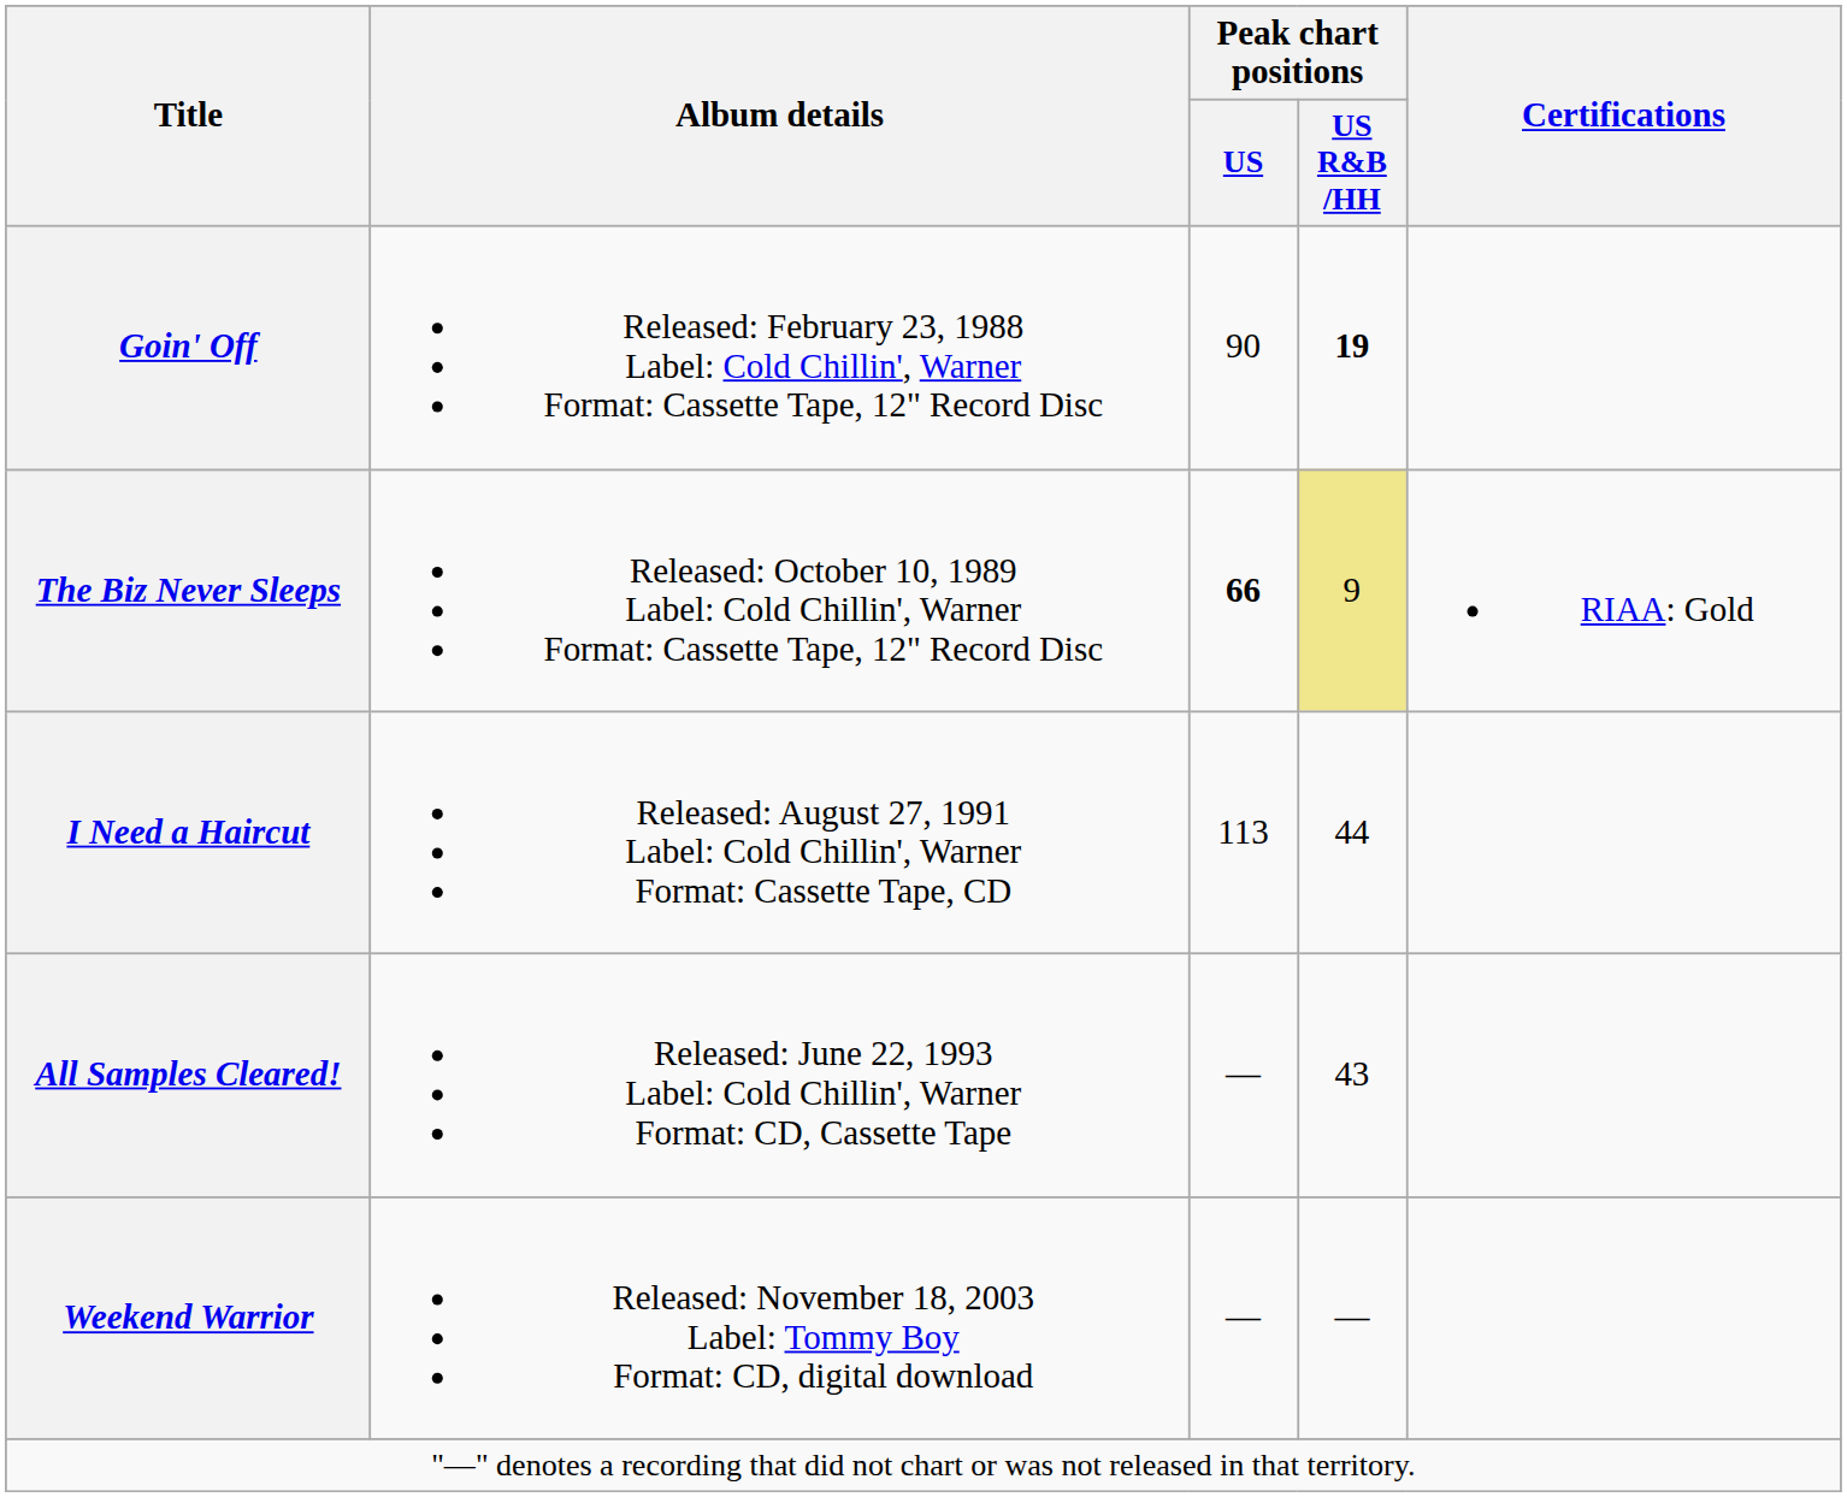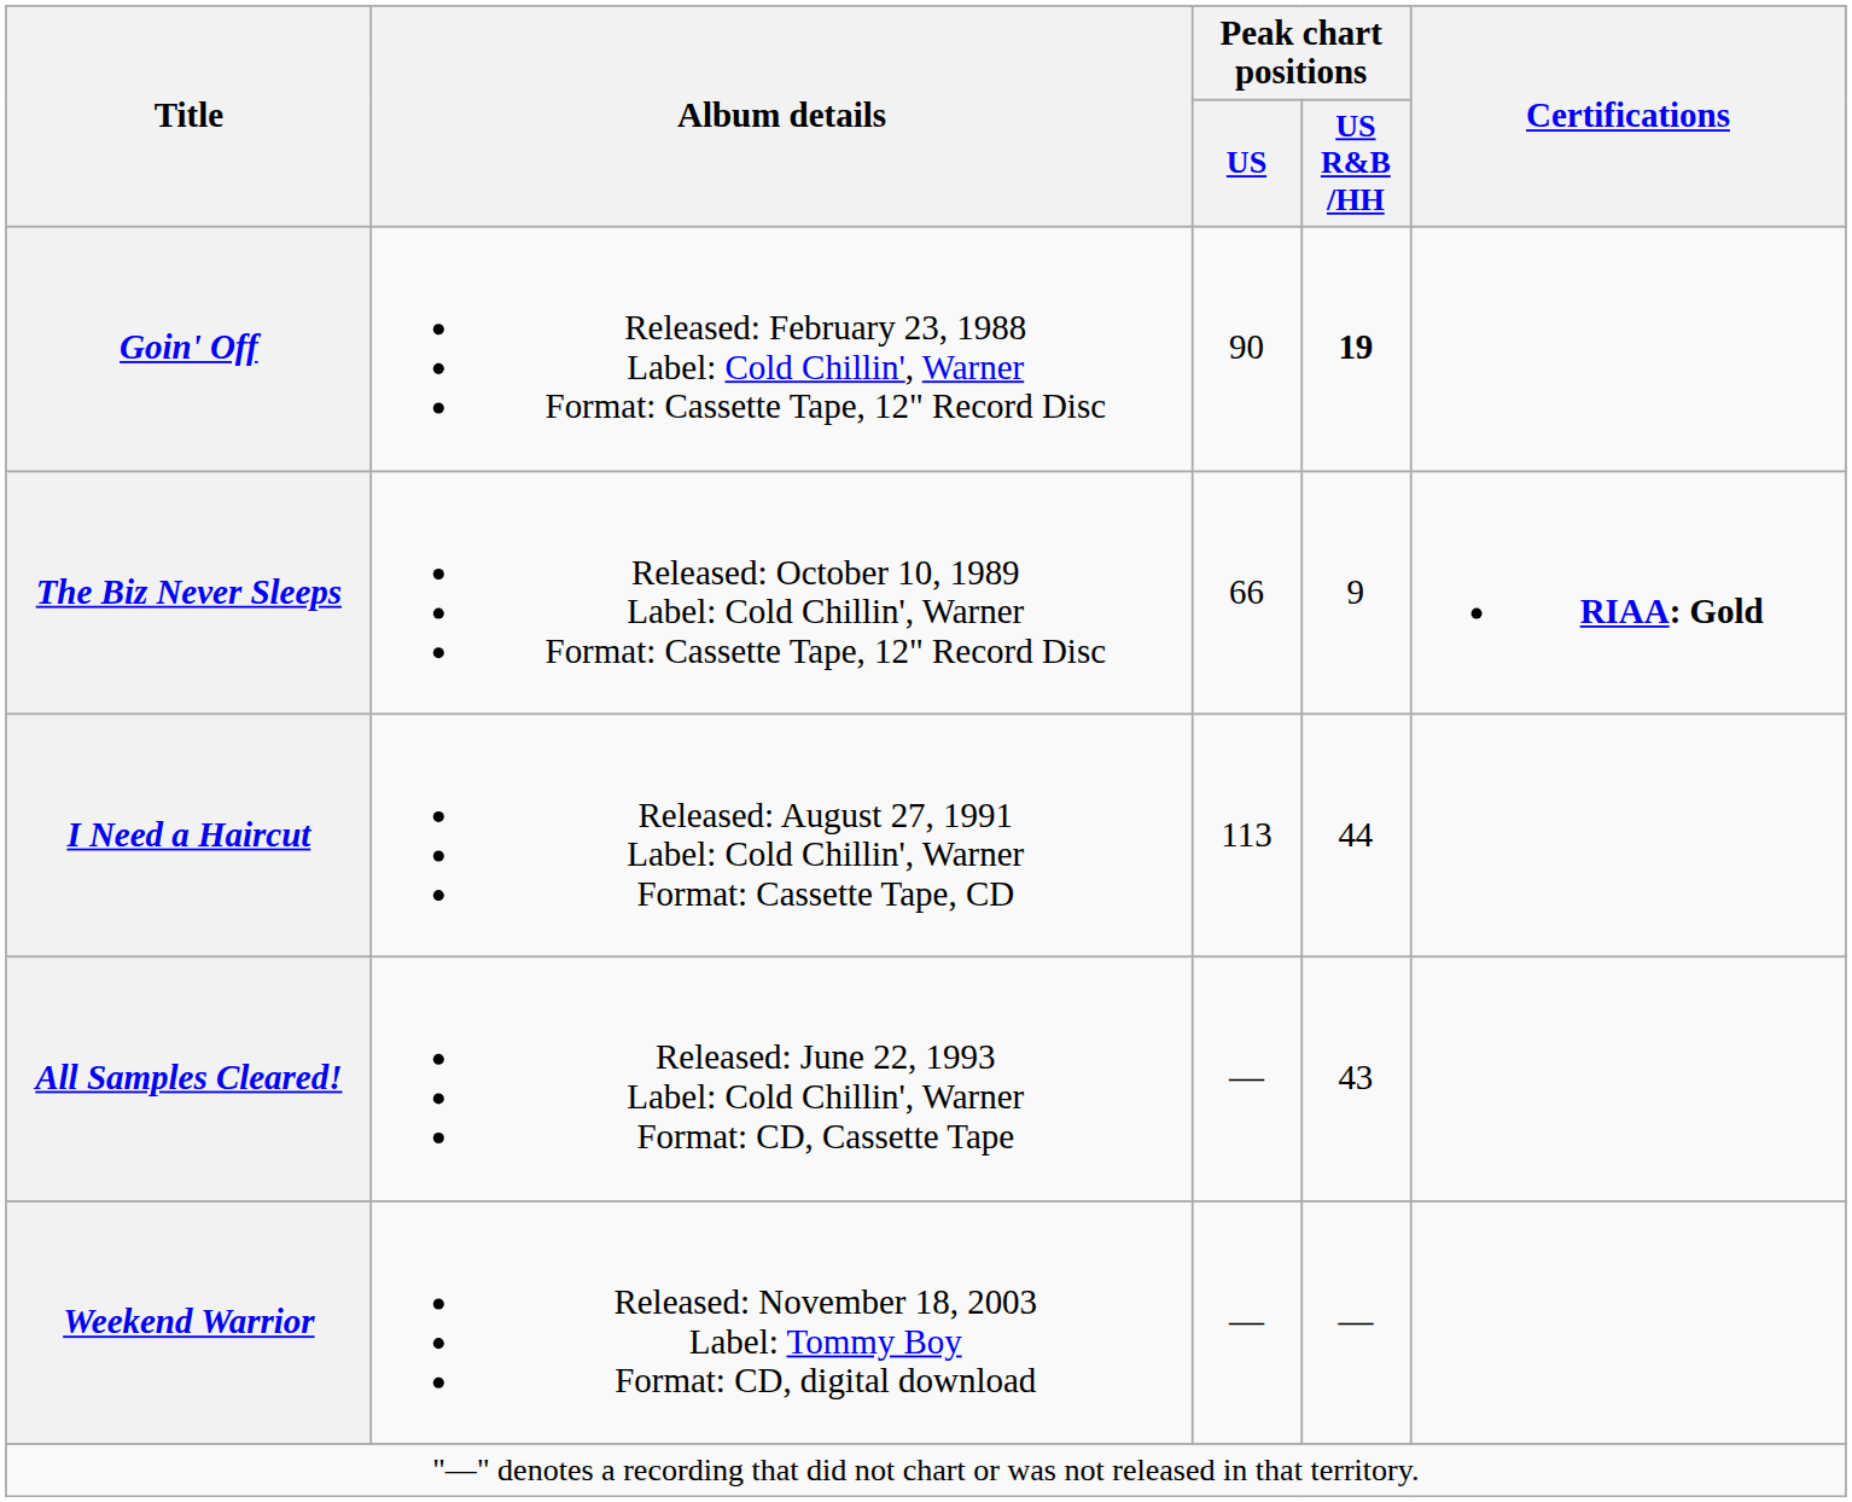 <table class="wikitable plainrowheaders" style="text-align:center;" border="1">
 <tr>
 <th scope="col" rowspan="2" style="width:10em;">Title</th>
 <th scope="col" rowspan="2" style="width:23em;">Album details</th>
 <th scope="col" colspan="2">Peak chart positions</th>
 <th scope="col" rowspan="2" style="width:12em;"><a href='#'>Certifications</a></th>
 </tr>
 <tr>
 <th scope="col" style="width:3em;font-size:90%;"><a href='#'>US</a><br></th>
 <th scope="col" style="width:3em;font-size:90%;"><a href='#'>US<br>R&B<br>/HH</a><br></th>
 </tr>
 <tr>
 <th scope="row"><em><a href='#'>Goin' Off</a></em></th>
 <td><br><ul><li>Released: February 23, 1988</li><li>Label: <a href='#'>Cold Chillin'</a>, <a href='#'>Warner</a></li><li>Format: Cassette Tape, 12" Record Disc</li></ul></td>
 <td>90</td>
 <td><strong>19</strong></td>
 <td></td>
 </tr>
 <tr>
 <th scope="row"><em><a href='#'>The Biz Never Sleeps</a></em></th>
 <td><br><ul><li>Released: October 10, 1989</li><li>Label: Cold Chillin', Warner</li><li>Format: Cassette Tape, 12" Record Disc</li></ul></td>
-<td><strong>66</strong></td>
-<td style="background: khaki;">9</td>
-<td><br><ul><li><a href='#'>RIAA</a>: Gold</li></ul></td>
+<td>66</td>
+<td>9</td>
+<td><strong><br><ul><li><a href='#'>RIAA</a>: Gold</li></ul></strong></td>
 </tr>
 <tr>
 <th scope="row"><em><a href='#'>I Need a Haircut</a></em></th>
 <td><br><ul><li>Released: August 27, 1991</li><li>Label: Cold Chillin', Warner</li><li>Format: Cassette Tape, CD</li></ul></td>
 <td>113</td>
 <td>44</td>
 <td></td>
 </tr>
 <tr>
 <th scope="row"><em><a href='#'>All Samples Cleared!</a></em></th>
 <td><br><ul><li>Released: June 22, 1993</li><li>Label: Cold Chillin', Warner</li><li>Format: CD, Cassette Tape</li></ul></td>
 <td>―</td>
 <td>43</td>
 <td></td>
 </tr>
 <tr>
 <th scope="row"><em><a href='#'>Weekend Warrior</a></em></th>
 <td><br><ul><li>Released: November 18, 2003</li><li>Label: <a href='#'>Tommy Boy</a></li><li>Format: CD, digital download</li></ul></td>
 <td>―</td>
 <td>―</td>
 <td></td>
 </tr>
 <tr>
 <td colspan="15" style="font-size:90%">"—" denotes a recording that did not chart or was not released in that territory.</td>
 </tr>
 </table>
